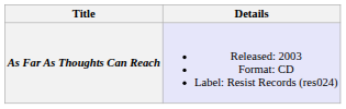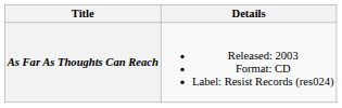 <table class="wikitable plainrowheaders" style="text-align:center;" border="1">
 <tr>
 <th>Title</th>
 <th>Details</th>
 </tr>
 <tr>
 <th scope="row"><em>As Far As Thoughts Can Reach</em></th>
-<td style="background: lavender;"><br><ul><li>Released: 2003</li><li>Format: CD</li><li>Label: Resist Records (res024)</li></ul></td>
+<td><br><ul><li>Released: 2003</li><li>Format: CD</li><li>Label: Resist Records (res024)</li></ul></td>
 </tr>
 </table>
